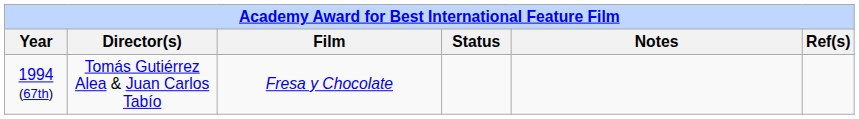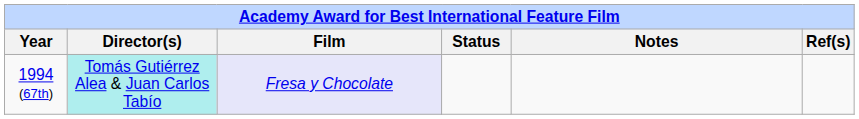 <table class="wikitable" style="text-align: center">
 <tr style="background:#bfd7ff;">
 <td colspan="6" style="text-align:center;"><strong><a href='#'>Academy Award for Best International Feature Film</a></strong></td>
 </tr>
 <tr style="background:#ebf5ff;">
 <th style="width:75px;">Year</th>
 <th style="width:200px;">Director(s)</th>
 <th style="width:350px;">Film</th>
 <th style="width:75px;">Status</th>
 <th style="width:500px;">Notes</th>
 <th width="3">Ref(s)</th>
 </tr>
 <tr>
 <td style="text-align: center"><a href='#'>1994</a><br><small>(<a href='#'>67th</a>)</small></td>
-<td><a href='#'>Tomás Gutiérrez Alea</a> & <a href='#'>Juan Carlos Tabío</a></td>
-<td><em><a href='#'>Fresa y Chocolate</a></em></td>
+<td style="background: paleturquoise;"><a href='#'>Tomás Gutiérrez Alea</a> & <a href='#'>Juan Carlos Tabío</a></td>
+<td style="background: lavender;"><em><a href='#'>Fresa y Chocolate</a></em></td>
 <td></td>
 <td></td>
 <td style="text-align: center"></td>
 </tr>
 </table>
